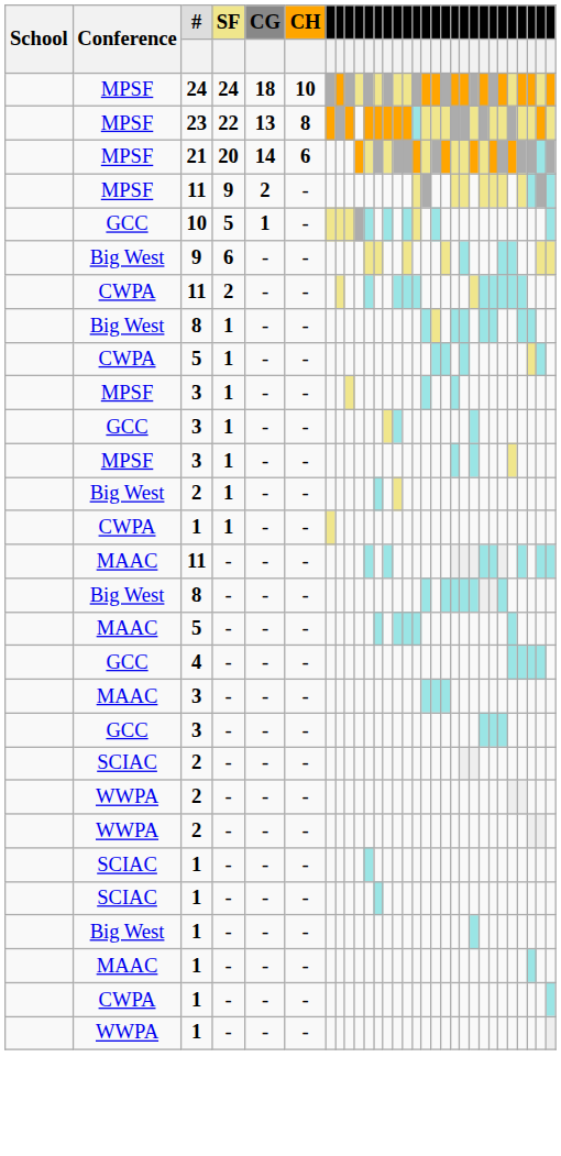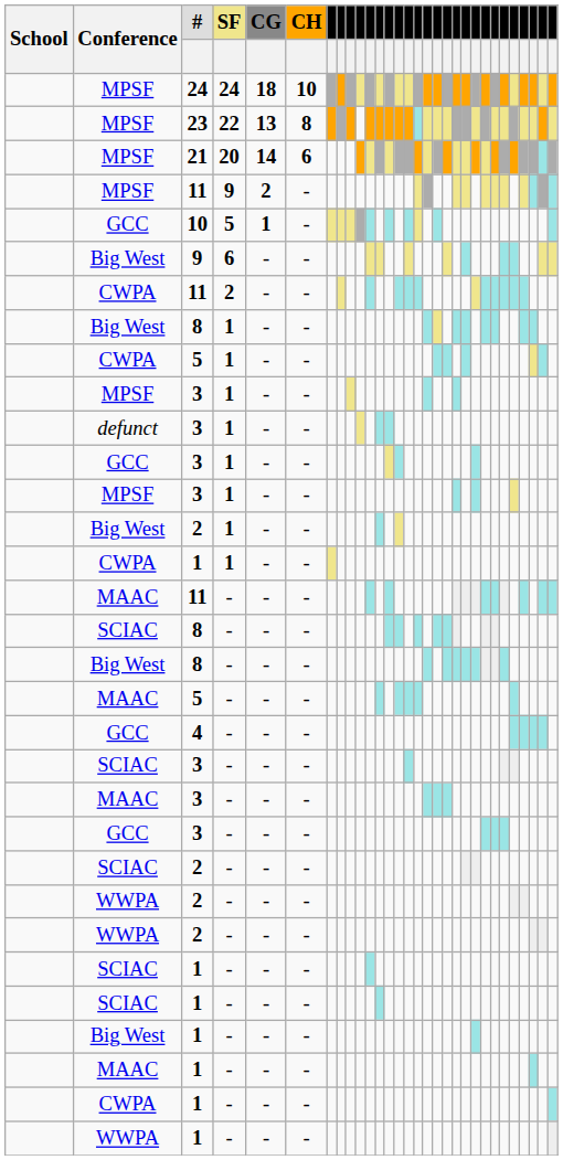 <table class="wikitable sortable sticky-table-head sticky-table-col1" style="font-size:90%; text-align: center;">
 <tr>
 <th rowspan=2>School</th>
 <th rowspan=2>Conference</th>
 <th style="background: #DDDDDD;">#</th>
 <th style="background: #F0E68C;">SF</th>
 <th style="background: #888888;">CG</th>
 <th style="background: #FFA500;">CH</th>
 <th style="background: black;"><a href='#'></a></th>
 <th style="background: black;"><a href='#'></a></th>
 <th style="background: black;"><a href='#'></a></th>
 <th style="background: black;"><a href='#'></a></th>
 <th style="background: black;"><a href='#'></a></th>
 <th style="background: black;"><a href='#'></a></th>
 <th style="background: black;"><a href='#'></a></th>
 <th style="background: black;"><a href='#'></a></th>
 <th style="background: black;"><a href='#'></a></th>
 <th style="background: black;"><a href='#'></a></th>
 <th style="background: black;"><a href='#'></a></th>
 <th style="background: black;"><a href='#'></a></th>
 <th style="background: black;"><a href='#'></a></th>
 <th style="background: black;"><a href='#'></a></th>
 <th style="background: black;"><a href='#'></a></th>
 <th style="background: black;"><a href='#'></a></th>
 <th style="background: black;"><a href='#'></a></th>
 <th style="background: black;"><a href='#'></a></th>
 <th style="background: black;"><a href='#'></a></th>
 <th style="background: black;"><a href='#'></a></th>
 <th style="background: black;"><a href='#'></a></th>
 <th style="background: black;"><a href='#'></a></th>
 <th style="background: black;"><a href='#'></a></th>
 <th style="background: black;"><a href='#'></a></th>
 </tr>
 <tr>
 <th class="sticky-table-none"><br></th>
 <th></th>
 <th></th>
 <th></th>
 <th></th>
 <th></th>
 <th></th>
 <th></th>
 <th></th>
 <th></th>
 <th></th>
 <th></th>
 <th></th>
 <th></th>
 <th></th>
 <th></th>
 <th></th>
 <th></th>
 <th></th>
 <th></th>
 <th></th>
 <th></th>
 <th></th>
 <th></th>
 <th></th>
 <th></th>
 <th></th>
 <th></th>
 </tr>
 <tr>
 <td><strong><a href='#'></a></strong></td>
 <td><a href='#'>MPSF</a></td>
 <td><strong>24</strong></td>
 <td><strong>24</strong></td>
 <td><strong>18</strong></td>
 <td><strong>10</strong></td>
 <td style="background:#ACACAC"></td>
 <td style="background:#FFA500;"><strong></strong></td>
 <td style="background:#ACACAC"></td>
 <td style="background:#F0E68C"></td>
 <td style="background:#ACACAC"></td>
 <td style="background:#F0E68C"></td>
 <td style="background:#ACACAC"></td>
 <td style="background:#F0E68C"></td>
 <td style="background:#F0E68C"></td>
 <td style="background:#ACACAC"></td>
 <td style="background:#FFA500;"><strong></strong></td>
 <td style="background:#FFA500;"><strong></strong></td>
 <td style="background:#ACACAC"></td>
 <td style="background:#FFA500;"><strong></strong></td>
 <td style="background:#FFA500;"><strong></strong></td>
 <td style="background:#ACACAC"></td>
 <td style="background:#FFA500;"><strong></strong></td>
 <td style="background:#ACACAC"></td>
 <td style="background:#FFA500;"><strong></strong></td>
 <td style="background:#F0E68C"></td>
 <td style="background:#FFA500;"><strong></strong></td>
 <td style="background:#FFA500;"><strong></strong></td>
 <td style="background:#F0E68C"></td>
 <td style="background:#FFA500"><strong></strong></td>
 </tr>
 <tr>
 <td><strong><a href='#'></a></strong></td>
 <td><a href='#'>MPSF</a></td>
 <td><strong>23</strong></td>
 <td><strong>22</strong></td>
 <td><strong>13</strong></td>
 <td><strong>8</strong></td>
 <td style="background:#FFA500;"><strong></strong></td>
 <td style="background:#ACACAC"></td>
 <td style="background:#FFA500;"><strong></strong></td>
 <td></td>
 <td style="background:#FFA500;"><strong></strong></td>
 <td style="background:#FFA500;"><strong></strong></td>
 <td style="background:#FFA500;"><strong></strong></td>
 <td style="background:#FFA500;"><strong></strong></td>
 <td style="background:#FFA500;"><strong></strong></td>
 <td style="background:#9AE5E5"></td>
 <td style="background:#F0E68C"></td>
 <td style="background:#F0E68C"></td>
 <td style="background:#F0E68C"></td>
 <td style="background:#ACACAC"></td>
 <td style="background:#ACACAC"></td>
 <td style="background:#F0E68C"></td>
 <td style="background:#ACACAC"></td>
 <td style="background:#F0E68C"></td>
 <td style="background:#F0E68C"></td>
 <td style="background:#ACACAC"></td>
 <td style="background:#F0E68C"></td>
 <td style="background:#F0E68C"></td>
 <td style="background:#FFA500;"><strong></strong></td>
 <td style="background:#F0E68C"></td>
 </tr>
 <tr>
 <td><strong></strong></td>
 <td><a href='#'>MPSF</a></td>
 <td><strong>21</strong></td>
 <td><strong>20</strong></td>
 <td><strong>14</strong></td>
 <td><strong>6</strong></td>
 <td></td>
 <td></td>
 <td></td>
 <td style="background:#FFA500;"><strong></strong></td>
 <td style="background:#F0E68C"></td>
 <td style="background:#ACACAC"></td>
 <td style="background:#F0E68C"></td>
 <td style="background:#ACACAC"></td>
 <td style="background:#ACACAC"></td>
 <td style="background:#FFA500;"><strong></strong></td>
 <td style="background:#F0E68C"></td>
 <td style="background:#ACACAC"></td>
 <td style="background:#FFA500;"><strong></strong></td>
 <td style="background:#F0E68C"></td>
 <td style="background:#F0E68C"></td>
 <td style="background:#FFA500;"><strong></strong></td>
 <td style="background:#F0E68C"></td>
 <td style="background:#FFA500;"><strong></strong></td>
 <td style="background:#ACACAC"></td>
 <td style="background:#FFA500;"><strong></strong></td>
 <td style="background:#ACACAC"></td>
 <td style="background:#ACACAC"></td>
 <td style="background:#9AE5E5"></td>
 <td style="background:#ACACAC"></td>
 </tr>
 <tr>
 <td><strong></strong></td>
 <td><a href='#'>MPSF</a></td>
 <td><strong>11</strong></td>
 <td><strong>9</strong></td>
 <td><strong>2</strong></td>
 <td>-</td>
 <td></td>
 <td></td>
 <td></td>
 <td></td>
 <td></td>
 <td></td>
 <td></td>
 <td></td>
 <td></td>
 <td style="background:#F0E68C"></td>
 <td style="background:#ACACAC"></td>
 <td></td>
 <td></td>
 <td style="background:#F0E68C"></td>
 <td style="background:#F0E68C"></td>
 <td></td>
 <td style="background:#F0E68C"></td>
 <td style="background:#F0E68C"></td>
 <td style="background:#F0E68C"></td>
 <td></td>
 <td style="background:#F0E68C"></td>
 <td style="background:#9AE5E5"></td>
 <td style="background:#ACACAC"></td>
 <td style="background:#9AE5E5"></td>
 </tr>
 <tr>
 <td><strong><a href='#'></a></strong></td>
 <td><a href='#'>GCC</a></td>
 <td><strong>10</strong></td>
 <td><strong>5</strong></td>
 <td><strong>1</strong></td>
 <td>-</td>
 <td style="background:#F0E68C"></td>
 <td style="background:#F0E68C"></td>
 <td style="background:#F0E68C"></td>
 <td style="background:#ACACAC"></td>
 <td style="background:#9AE5E5"></td>
 <td></td>
 <td style="background:#9AE5E5"></td>
 <td></td>
 <td style="background:#9AE5E5"></td>
 <td style="background:#F0E68C"></td>
 <td></td>
 <td style="background:#9AE5E5"></td>
 <td></td>
 <td></td>
 <td></td>
 <td></td>
 <td></td>
 <td></td>
 <td></td>
 <td></td>
 <td></td>
 <td></td>
 <td></td>
 <td style="background:#9AE5E5"></td>
 </tr>
 <tr>
 <td><strong><a href='#'></a></strong></td>
 <td><a href='#'>Big West</a></td>
 <td><strong>9</strong></td>
 <td><strong>6</strong></td>
 <td>-</td>
 <td>-</td>
 <td></td>
 <td></td>
 <td></td>
 <td></td>
 <td style="background:#F0E68C"></td>
 <td style="background:#F0E68C"></td>
 <td></td>
 <td></td>
 <td style="background:#F0E68C"></td>
 <td></td>
 <td></td>
 <td></td>
 <td style="background:#F0E68C"></td>
 <td></td>
 <td style="background:#9AE5E5"></td>
 <td></td>
 <td></td>
 <td></td>
 <td style="background:#9AE5E5"></td>
 <td style="background:#9AE5E5"></td>
 <td></td>
 <td></td>
 <td style="background:#F0E68C"></td>
 <td style="background:#F0E68C"></td>
 </tr>
 <tr>
 <td><strong></strong></td>
 <td><a href='#'>CWPA</a></td>
 <td><strong>11</strong></td>
 <td><strong>2</strong></td>
 <td>-</td>
 <td>-</td>
 <td></td>
 <td style="background:#F0E68C"></td>
 <td></td>
 <td></td>
 <td style="background:#9AE5E5"></td>
 <td></td>
 <td></td>
 <td style="background:#9AE5E5"></td>
 <td style="background:#9AE5E5"></td>
 <td style="background:#9AE5E5"></td>
 <td></td>
 <td></td>
 <td></td>
 <td></td>
 <td></td>
 <td style="background:#F0E68C"></td>
 <td style="background:#9AE5E5"></td>
 <td style="background:#9AE5E5"></td>
 <td style="background:#9AE5E5"></td>
 <td style="background:#9AE5E5"></td>
 <td style="background:#9AE5E5"></td>
 <td></td>
 <td></td>
 <td></td>
 </tr>
 <tr>
 <td><strong></strong></td>
 <td><a href='#'>Big West</a></td>
 <td><strong>8</strong></td>
 <td><strong>1</strong></td>
 <td>-</td>
 <td>-</td>
 <td></td>
 <td></td>
 <td></td>
 <td></td>
 <td></td>
 <td></td>
 <td></td>
 <td></td>
 <td></td>
 <td></td>
 <td style="background:#9AE5E5"></td>
 <td style="background:#F0E68C"></td>
 <td></td>
 <td style="background:#9AE5E5"></td>
 <td style="background:#9AE5E5"></td>
 <td></td>
 <td style="background:#9AE5E5"></td>
 <td style="background:#9AE5E5"></td>
 <td></td>
 <td></td>
 <td style="background:#9AE5E5"></td>
 <td style="background:#9AE5E5"></td>
 <td></td>
 <td></td>
 </tr>
 <tr>
 <td><strong></strong></td>
 <td><a href='#'>CWPA</a></td>
 <td><strong>5</strong></td>
 <td><strong>1</strong></td>
 <td>-</td>
 <td>-</td>
 <td></td>
 <td></td>
 <td></td>
 <td></td>
 <td></td>
 <td></td>
 <td></td>
 <td></td>
 <td></td>
 <td></td>
 <td></td>
 <td style="background:#9AE5E5"></td>
 <td style="background:#9AE5E5"></td>
 <td></td>
 <td style="background:#9AE5E5"></td>
 <td></td>
 <td></td>
 <td></td>
 <td></td>
 <td></td>
 <td></td>
 <td style="background:#F0E68C"></td>
 <td style="background:#9AE5E5"></td>
 <td></td>
 </tr>
 <tr>
 <td><strong></strong></td>
 <td><a href='#'>MPSF</a></td>
 <td><strong>3</strong></td>
 <td><strong>1</strong></td>
 <td>-</td>
 <td>-</td>
 <td></td>
 <td></td>
 <td style="background:#F0E68C"></td>
 <td></td>
 <td></td>
 <td></td>
 <td></td>
 <td></td>
 <td></td>
 <td></td>
 <td style="background:#9AE5E5"></td>
 <td></td>
 <td></td>
 <td style="background:#9AE5E5"></td>
 <td></td>
 <td></td>
 <td></td>
 <td></td>
 <td></td>
 <td></td>
 <td></td>
 <td></td>
 <td></td>
 <td></td>
 </tr>
 <tr>
+<td><em><a href='#'></a></em></td>
+<td><em>defunct</em></td>
+<td><strong>3</strong></td>
+<td><strong>1</strong></td>
+<td>-</td>
+<td>-</td>
+<td></td>
+<td></td>
+<td></td>
+<td style="background:#F0E68C"></td>
+<td></td>
+<td style="background:#9AE5E5"></td>
+<td style="background:#9AE5E5"></td>
+<td></td>
+<td></td>
+<td></td>
+<td></td>
+<td></td>
+<td></td>
+<td></td>
+<td></td>
+<td></td>
+<td></td>
+<td></td>
+<td></td>
+<td></td>
+<td></td>
+<td></td>
+<td></td>
+<td></td>
+</tr>
+<tr>
 <td><strong><a href='#'></a></strong></td>
 <td><a href='#'>GCC</a></td>
 <td><strong>3</strong></td>
 <td><strong>1</strong></td>
 <td>-</td>
 <td>-</td>
 <td></td>
 <td></td>
 <td></td>
 <td></td>
 <td></td>
 <td></td>
 <td style="background:#F0E68C"></td>
 <td style="background:#9AE5E5"></td>
 <td></td>
 <td></td>
 <td></td>
 <td></td>
 <td></td>
 <td></td>
 <td></td>
 <td style="background:#9AE5E5"></td>
 <td></td>
 <td></td>
 <td></td>
 <td></td>
 <td></td>
 <td></td>
 <td></td>
 <td></td>
 </tr>
 <tr>
 <td><strong></strong></td>
 <td><a href='#'>MPSF</a></td>
 <td><strong>3</strong></td>
 <td><strong>1</strong></td>
 <td>-</td>
 <td>-</td>
 <td></td>
 <td></td>
 <td></td>
 <td></td>
 <td></td>
 <td></td>
 <td></td>
 <td></td>
 <td></td>
 <td></td>
 <td></td>
 <td></td>
 <td></td>
 <td style="background:#9AE5E5"></td>
 <td></td>
 <td style="background:#9AE5E5"></td>
 <td></td>
 <td></td>
 <td></td>
 <td style="background:#F0E68C"></td>
 <td></td>
 <td></td>
 <td></td>
 <td></td>
 </tr>
 <tr>
 <td><strong></strong></td>
 <td><a href='#'>Big West</a></td>
 <td><strong>2</strong></td>
 <td><strong>1</strong></td>
 <td>-</td>
 <td>-</td>
 <td></td>
 <td></td>
 <td></td>
 <td></td>
 <td></td>
 <td style="background:#9AE5E5"></td>
 <td></td>
 <td style="background:#F0E68C"></td>
 <td></td>
 <td></td>
 <td></td>
 <td></td>
 <td></td>
 <td></td>
 <td></td>
 <td></td>
 <td></td>
 <td></td>
 <td></td>
 <td></td>
 <td></td>
 <td></td>
 <td></td>
 <td></td>
 </tr>
 <tr>
 <td><strong><a href='#'></a></strong></td>
 <td><a href='#'>CWPA</a></td>
 <td><strong>1</strong></td>
 <td><strong>1</strong></td>
 <td>-</td>
 <td>-</td>
 <td style="background:#F0E68C"></td>
 <td></td>
 <td></td>
 <td></td>
 <td></td>
 <td></td>
 <td></td>
 <td></td>
 <td></td>
 <td></td>
 <td></td>
 <td></td>
 <td></td>
 <td></td>
 <td></td>
 <td></td>
 <td></td>
 <td></td>
 <td></td>
 <td></td>
 <td></td>
 <td></td>
 <td></td>
 <td></td>
 </tr>
 <tr>
 <td><strong></strong></td>
 <td><a href='#'>MAAC</a></td>
 <td><strong>11</strong></td>
 <td>-</td>
 <td>-</td>
 <td>-</td>
 <td></td>
 <td></td>
 <td></td>
 <td></td>
 <td style="background:#9AE5E5"></td>
 <td></td>
 <td style="background:#9AE5E5"></td>
 <td></td>
 <td></td>
 <td></td>
 <td></td>
 <td></td>
 <td></td>
 <td style="background:#EEEEEE"></td>
 <td style="background:#EEEEEE"></td>
 <td style="background:#EEEEEE"></td>
 <td style="background:#9AE5E5"></td>
 <td style="background:#9AE5E5"></td>
 <td style="background:#EEEEEE"></td>
 <td></td>
 <td style="background:#9AE5E5"></td>
 <td></td>
 <td style="background:#9AE5E5"></td>
 <td style="background:#9AE5E5"></td>
 </tr>
 <tr>
+<td><strong><a href='#'></a></strong></td>
+<td><a href='#'>SCIAC</a></td>
+<td><strong>8</strong></td>
+<td>-</td>
+<td>-</td>
+<td>-</td>
+<td></td>
+<td></td>
+<td></td>
+<td></td>
+<td></td>
+<td></td>
+<td style="background:#9AE5E5"></td>
+<td style="background:#9AE5E5"></td>
+<td></td>
+<td style="background:#9AE5E5"></td>
+<td></td>
+<td style="background:#9AE5E5"></td>
+<td style="background:#9AE5E5"></td>
+<td style="background:#EEEEEE"></td>
+<td></td>
+<td></td>
+<td style="background:#EEEEEE"></td>
+<td style="background:#EEEEEE"></td>
+<td></td>
+<td></td>
+<td></td>
+<td></td>
+<td></td>
+<td></td>
+</tr>
+<tr>
 <td><strong></strong></td>
 <td><a href='#'>Big West</a></td>
 <td><strong>8</strong></td>
 <td>-</td>
 <td>-</td>
 <td>-</td>
 <td></td>
 <td></td>
 <td></td>
 <td></td>
 <td></td>
 <td></td>
 <td></td>
 <td></td>
 <td></td>
 <td></td>
 <td style="background:#9AE5E5"></td>
 <td></td>
 <td style="background:#9AE5E5"></td>
 <td style="background:#9AE5E5"></td>
 <td style="background:#9AE5E5"></td>
 <td style="background:#9AE5E5"></td>
 <td style="background:#EEEEEE"></td>
 <td style="background:#EEEEEE"></td>
 <td style="background:#9AE5E5"></td>
 <td></td>
 <td></td>
 <td></td>
 <td></td>
 <td></td>
 </tr>
 <tr>
 <td><strong><a href='#'></a></strong></td>
 <td><a href='#'>MAAC</a></td>
 <td><strong>5</strong></td>
 <td>-</td>
 <td>-</td>
 <td>-</td>
 <td></td>
 <td></td>
 <td></td>
 <td></td>
 <td></td>
 <td style="background:#9AE5E5"></td>
 <td></td>
 <td style="background:#9AE5E5"></td>
 <td style="background:#9AE5E5"></td>
 <td style="background:#9AE5E5"></td>
 <td></td>
 <td></td>
 <td></td>
 <td></td>
 <td></td>
 <td></td>
 <td></td>
 <td></td>
 <td></td>
 <td style="background:#9AE5E5"></td>
 <td></td>
 <td></td>
 <td></td>
 <td></td>
 </tr>
 <tr>
 <td><strong><a href='#'></a></strong></td>
 <td><a href='#'>GCC</a></td>
 <td><strong>4</strong></td>
 <td>-</td>
 <td>-</td>
 <td>-</td>
 <td></td>
 <td></td>
 <td></td>
 <td></td>
 <td></td>
 <td></td>
 <td></td>
 <td></td>
 <td></td>
 <td></td>
 <td></td>
 <td></td>
 <td></td>
 <td></td>
 <td></td>
 <td></td>
 <td></td>
 <td></td>
 <td></td>
 <td style="background:#9AE5E5"></td>
 <td style="background:#9AE5E5"></td>
 <td style="background:#9AE5E5"></td>
 <td style="background:#9AE5E5"></td>
+<td></td>
+</tr>
+<tr>
+<td><strong></strong></td>
+<td><a href='#'>SCIAC</a></td>
+<td><strong>3</strong></td>
+<td>-</td>
+<td>-</td>
+<td>-</td>
+<td></td>
+<td></td>
+<td></td>
+<td></td>
+<td></td>
+<td></td>
+<td></td>
+<td></td>
+<td style="background:#9AE5E5"></td>
+<td></td>
+<td></td>
+<td></td>
+<td></td>
+<td></td>
+<td></td>
+<td></td>
+<td></td>
+<td></td>
+<td style="background:#EEEEEE"></td>
+<td style="background:#EEEEEE"></td>
+<td></td>
+<td></td>
+<td></td>
 <td></td>
 </tr>
 <tr>
 <td><strong></strong></td>
 <td><a href='#'>MAAC</a></td>
 <td><strong>3</strong></td>
 <td>-</td>
 <td>-</td>
 <td>-</td>
 <td></td>
 <td></td>
 <td></td>
 <td></td>
 <td></td>
 <td></td>
 <td></td>
 <td></td>
 <td></td>
 <td></td>
 <td style="background:#9AE5E5"></td>
 <td style="background:#9AE5E5"></td>
 <td style="background:#9AE5E5"></td>
 <td></td>
 <td></td>
 <td></td>
 <td></td>
 <td></td>
 <td></td>
 <td></td>
 <td></td>
 <td></td>
 <td></td>
 <td></td>
 </tr>
 <tr>
 <td><strong></strong></td>
 <td><a href='#'>GCC</a></td>
 <td><strong>3</strong></td>
 <td>-</td>
 <td>-</td>
 <td>-</td>
 <td></td>
 <td></td>
 <td></td>
 <td></td>
 <td></td>
 <td></td>
 <td></td>
 <td></td>
 <td></td>
 <td></td>
 <td></td>
 <td></td>
 <td></td>
 <td></td>
 <td></td>
 <td></td>
 <td style="background:#9AE5E5"></td>
 <td style="background:#9AE5E5"></td>
 <td style="background:#9AE5E5"></td>
 <td></td>
 <td></td>
 <td></td>
 <td></td>
 <td></td>
 </tr>
 <tr>
 <td><strong></strong></td>
 <td><a href='#'>SCIAC</a></td>
 <td><strong>2</strong></td>
 <td>-</td>
 <td>-</td>
 <td>-</td>
 <td></td>
 <td></td>
 <td></td>
 <td></td>
 <td></td>
 <td></td>
 <td></td>
 <td></td>
 <td></td>
 <td></td>
 <td></td>
 <td></td>
 <td></td>
 <td></td>
 <td style="background:#EEEEEE"></td>
 <td style="background:#EEEEEE"></td>
 <td></td>
 <td></td>
 <td></td>
 <td></td>
 <td></td>
 <td></td>
 <td></td>
 <td></td>
 </tr>
 <tr>
 <td><strong><a href='#'></a></strong></td>
 <td><a href='#'>WWPA</a></td>
 <td><strong>2</strong></td>
 <td>-</td>
 <td>-</td>
 <td>-</td>
 <td></td>
 <td></td>
 <td></td>
 <td></td>
 <td></td>
 <td></td>
 <td></td>
 <td></td>
 <td></td>
 <td></td>
 <td></td>
 <td></td>
 <td></td>
 <td></td>
 <td></td>
 <td></td>
 <td></td>
 <td></td>
 <td></td>
 <td style="background:#EEEEEE"></td>
 <td style="background:#EEEEEE"></td>
 <td></td>
 <td></td>
 <td></td>
 </tr>
 <tr>
 <td><strong><a href='#'></a></strong></td>
 <td><a href='#'>WWPA</a></td>
 <td><strong>2</strong></td>
 <td>-</td>
 <td>-</td>
 <td>-</td>
 <td></td>
 <td></td>
 <td></td>
 <td></td>
 <td></td>
 <td></td>
 <td></td>
 <td></td>
 <td></td>
 <td></td>
 <td></td>
 <td></td>
 <td></td>
 <td></td>
 <td></td>
 <td></td>
 <td></td>
 <td></td>
 <td></td>
 <td></td>
 <td></td>
 <td style="background:#EEEEEE"></td>
 <td style="background:#EEEEEE"></td>
 <td></td>
 </tr>
 <tr>
 <td><strong><a href='#'></a></strong></td>
 <td><a href='#'>SCIAC</a></td>
 <td><strong>1</strong></td>
 <td>-</td>
 <td>-</td>
 <td>-</td>
 <td></td>
 <td></td>
 <td></td>
 <td></td>
 <td style="background:#9AE5E5"></td>
 <td></td>
 <td></td>
 <td></td>
 <td></td>
 <td></td>
 <td></td>
 <td></td>
 <td></td>
 <td></td>
 <td></td>
 <td></td>
 <td></td>
 <td></td>
 <td></td>
 <td></td>
 <td></td>
 <td></td>
 <td></td>
 <td></td>
 </tr>
 <tr>
 <td><strong></strong></td>
 <td><a href='#'>SCIAC</a></td>
 <td><strong>1</strong></td>
 <td>-</td>
 <td>-</td>
 <td>-</td>
 <td></td>
 <td></td>
 <td></td>
 <td></td>
 <td></td>
 <td style="background:#9AE5E5"></td>
 <td></td>
 <td></td>
 <td></td>
 <td></td>
 <td></td>
 <td></td>
 <td></td>
 <td></td>
 <td></td>
 <td></td>
 <td></td>
 <td></td>
 <td></td>
 <td></td>
 <td></td>
 <td></td>
 <td></td>
 <td></td>
 </tr>
 <tr>
 <td><strong></strong></td>
 <td><a href='#'>Big West</a></td>
 <td><strong>1</strong></td>
 <td>-</td>
 <td>-</td>
 <td>-</td>
 <td></td>
 <td></td>
 <td></td>
 <td></td>
 <td></td>
 <td></td>
 <td></td>
 <td></td>
 <td></td>
 <td></td>
 <td></td>
 <td></td>
 <td></td>
 <td></td>
 <td></td>
 <td style="background:#9AE5E5"></td>
 <td></td>
 <td></td>
 <td></td>
 <td></td>
 <td></td>
 <td></td>
 <td></td>
 <td></td>
 </tr>
 <tr>
 <td><strong><a href='#'></a></strong></td>
 <td><a href='#'>MAAC</a></td>
 <td><strong>1</strong></td>
 <td>-</td>
 <td>-</td>
 <td>-</td>
 <td></td>
 <td></td>
 <td></td>
 <td></td>
 <td></td>
 <td></td>
 <td></td>
 <td></td>
 <td></td>
 <td></td>
 <td></td>
 <td></td>
 <td></td>
 <td></td>
 <td></td>
 <td></td>
 <td></td>
 <td></td>
 <td></td>
 <td></td>
 <td></td>
 <td style="background:#9AE5E5"></td>
 <td></td>
 <td></td>
 </tr>
 <tr>
 <td><strong><a href='#'></a></strong></td>
 <td><a href='#'>CWPA</a></td>
 <td><strong>1</strong></td>
 <td>-</td>
 <td>-</td>
 <td>-</td>
 <td></td>
 <td></td>
 <td></td>
 <td></td>
 <td></td>
 <td></td>
 <td></td>
 <td></td>
 <td></td>
 <td></td>
 <td></td>
 <td></td>
 <td></td>
 <td></td>
 <td></td>
 <td></td>
 <td></td>
 <td></td>
 <td></td>
 <td></td>
 <td></td>
 <td></td>
 <td></td>
 <td style="background:#9AE5E5"></td>
 </tr>
 <tr>
 <td><strong><a href='#'></a></strong></td>
 <td><a href='#'>WWPA</a></td>
 <td><strong>1</strong></td>
 <td>-</td>
 <td>-</td>
 <td>-</td>
 <td></td>
 <td></td>
 <td></td>
 <td></td>
 <td></td>
 <td></td>
 <td></td>
 <td></td>
 <td></td>
 <td></td>
 <td></td>
 <td></td>
 <td></td>
 <td></td>
 <td></td>
 <td></td>
 <td></td>
 <td></td>
 <td></td>
 <td></td>
 <td></td>
 <td></td>
 <td></td>
 <td style="background:#EEEEEE"></td>
 </tr>
 </table>
